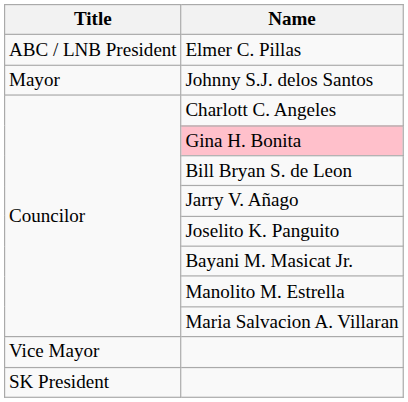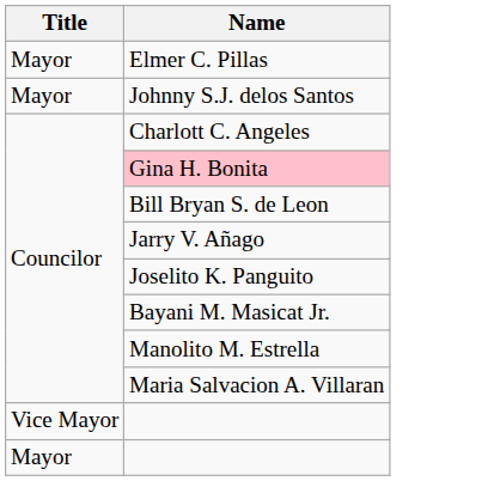 <table class="wikitable">
 <tr>
 <th>Title</th>
 <th>Name</th>
 </tr>
 <tr>
-<td>ABC / LNB President</td>
+<td>Mayor</td>
 <td>Elmer C. Pillas</td>
 </tr>
 <tr>
 <td>Mayor</td>
 <td>Johnny S.J. delos Santos</td>
 </tr>
 <tr>
 <td rowspan="8">Councilor</td>
 <td>Charlott C. Angeles</td>
 </tr>
 <tr>
 <td style="background: pink;">Gina H. Bonita</td>
 </tr>
 <tr>
 <td>Bill Bryan S. de Leon</td>
 </tr>
 <tr>
 <td>Jarry V. Añago</td>
 </tr>
 <tr>
 <td>Joselito K. Panguito</td>
 </tr>
 <tr>
 <td>Bayani M. Masicat Jr.</td>
 </tr>
 <tr>
 <td>Manolito M. Estrella</td>
 </tr>
 <tr>
 <td>Maria Salvacion A. Villaran</td>
 </tr>
 <tr>
 <td>Vice Mayor</td>
 <td></td>
 </tr>
 <tr>
-<td>SK President</td>
+<td>Mayor</td>
 <td></td>
 </tr>
 </table>
